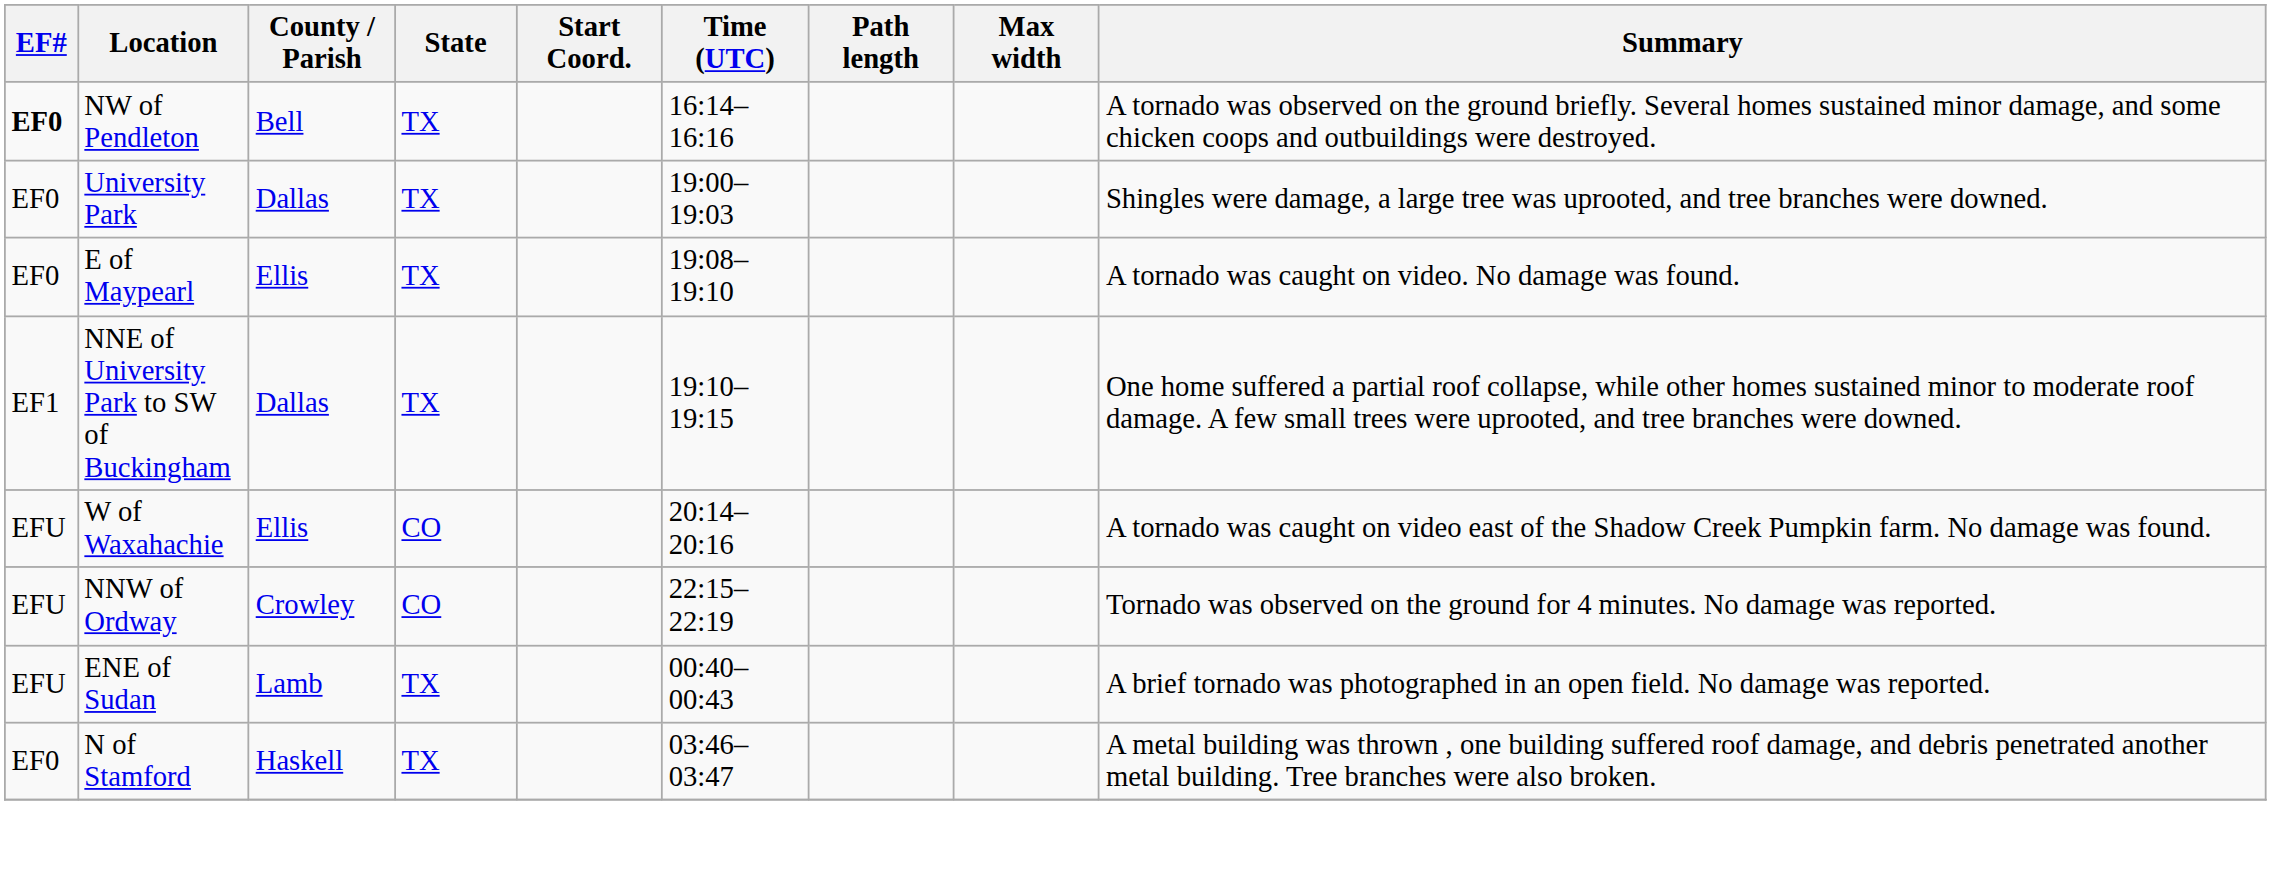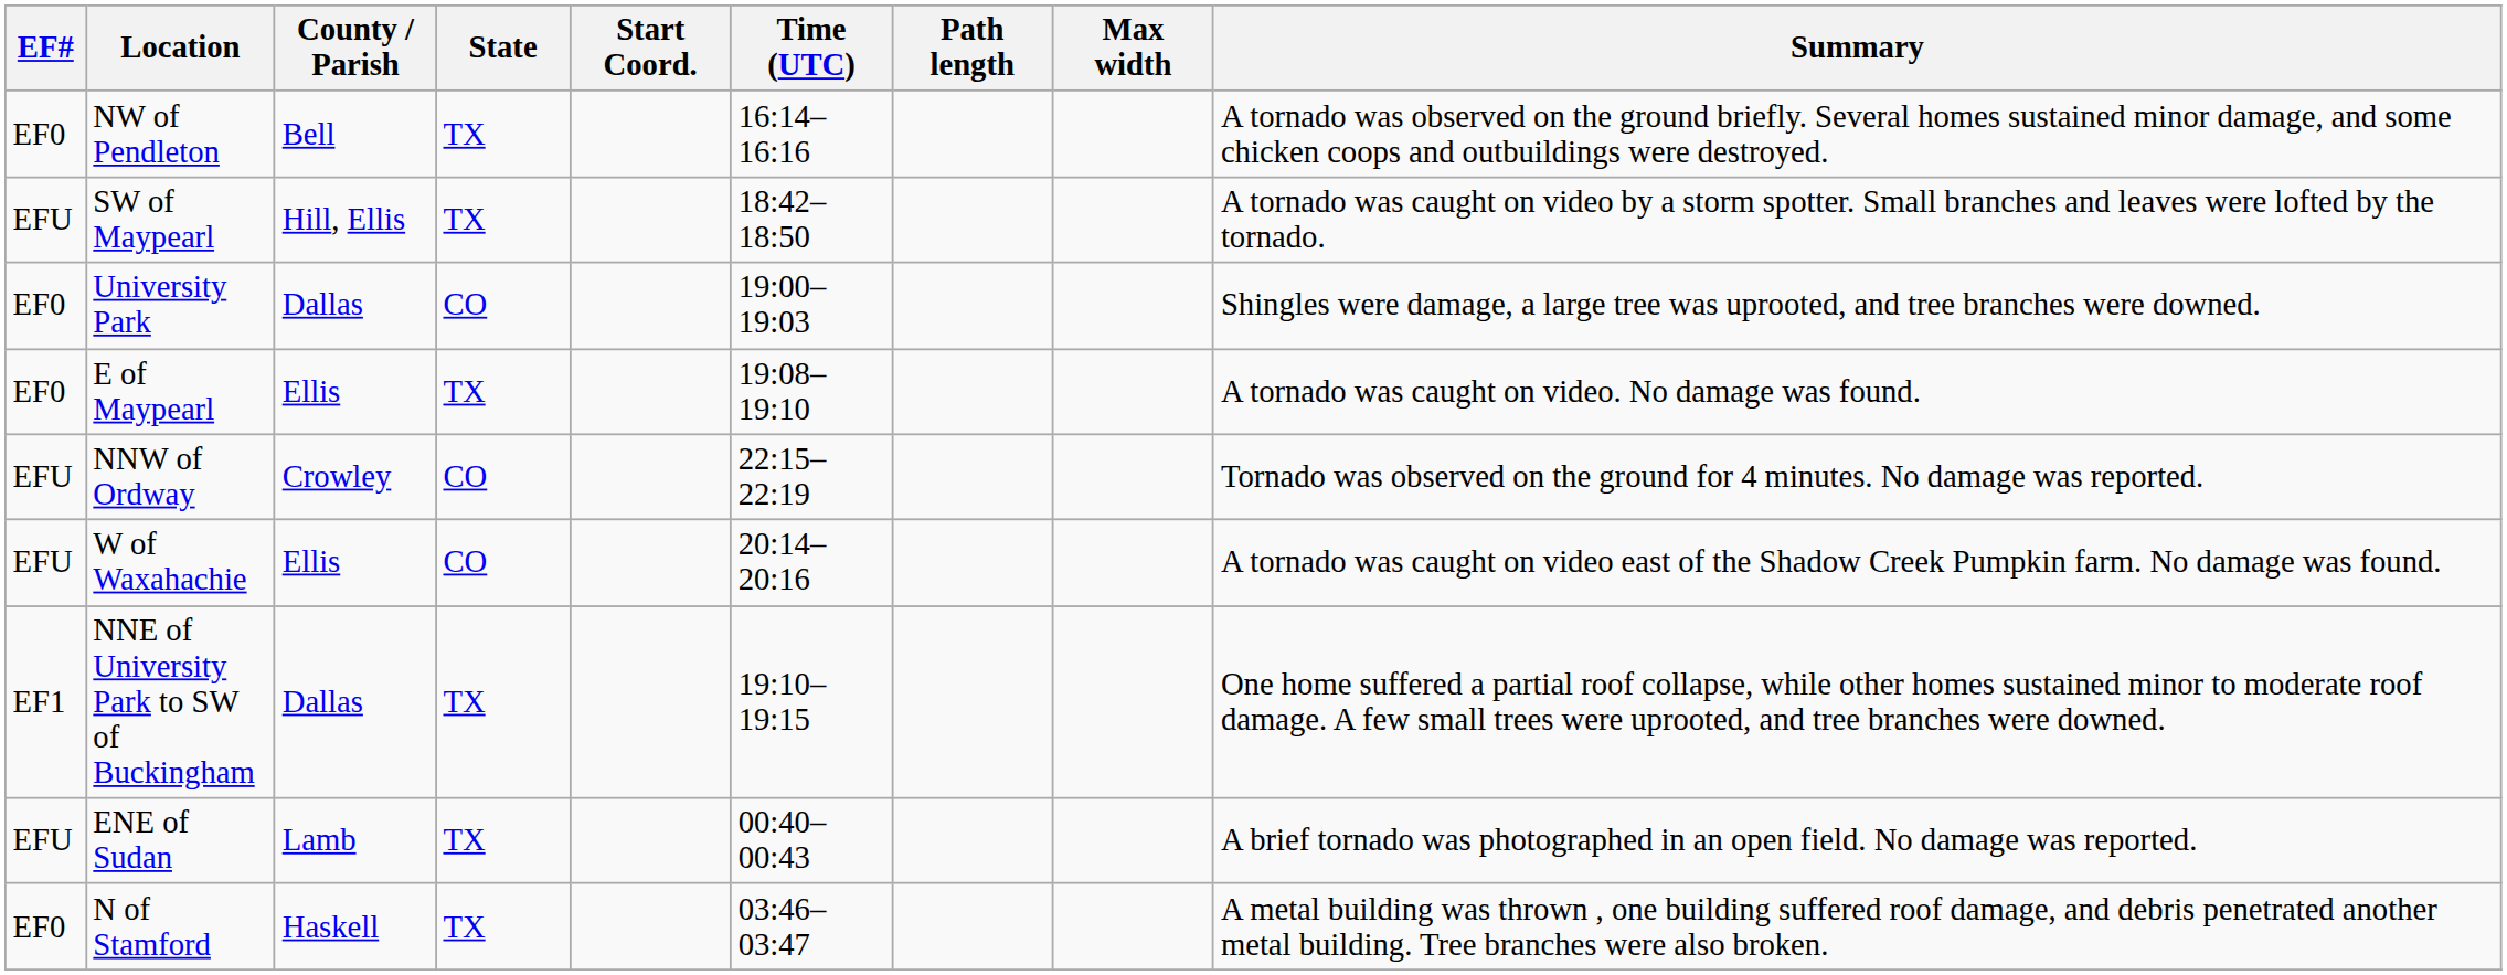 <table class="wikitable sortable" style="width:100%;">
 <tr>
 <th scope="col"  style="width:3%; text-align:center;"><a href='#'>EF#</a></th>
 <th scope="col"  style="width:7%; text-align:center;" class="unsortable">Location</th>
 <th scope="col"  style="width:6%; text-align:center;" class="unsortable">County / Parish</th>
 <th scope="col"  style="width:5%; text-align:center;">State</th>
 <th scope="col"  style="width:6%; text-align:center;">Start Coord.</th>
 <th scope="col"  style="width:6%; text-align:center;">Time (<a href='#'>UTC</a>)</th>
 <th scope="col"  style="width:6%; text-align:center;">Path length</th>
 <th scope="col"  style="width:6%; text-align:center;">Max width</th>
 <th scope="col" class="unsortable" style="width:48%; text-align:center;">Summary</th>
 </tr>
 <tr>
-<td><strong>EF0</strong></td>
+<td>EF0</td>
 <td>NW of <a href='#'>Pendleton</a></td>
 <td><a href='#'>Bell</a></td>
 <td><a href='#'>TX</a></td>
 <td></td>
 <td>16:14–16:16</td>
 <td></td>
 <td></td>
 <td>A tornado was observed on the ground briefly. Several homes sustained minor damage, and some chicken coops and outbuildings were destroyed.</td>
 </tr>
 <tr>
+<td>EFU</td>
+<td>SW of <a href='#'>Maypearl</a></td>
+<td><a href='#'>Hill</a>, <a href='#'>Ellis</a></td>
+<td><a href='#'>TX</a></td>
+<td></td>
+<td>18:42–18:50</td>
+<td></td>
+<td></td>
+<td>A tornado was caught on video by a storm spotter. Small branches and leaves were lofted by the tornado.</td>
+</tr>
+<tr>
 <td>EF0</td>
 <td><a href='#'>University Park</a></td>
 <td><a href='#'>Dallas</a></td>
-<td><a href='#'>TX</a></td>
+<td><a href='#'>CO</a></td>
 <td></td>
 <td>19:00–19:03</td>
 <td></td>
 <td></td>
 <td>Shingles were damage, a large tree was uprooted, and tree branches were downed.</td>
 </tr>
 <tr>
 <td>EF0</td>
 <td>E of <a href='#'>Maypearl</a></td>
 <td><a href='#'>Ellis</a></td>
 <td><a href='#'>TX</a></td>
 <td></td>
 <td>19:08–19:10</td>
 <td></td>
 <td></td>
 <td>A tornado was caught on video. No damage was found.</td>
 </tr>
 <tr>
-<td>EF1</td>
-<td>NNE of <a href='#'>University Park</a> to SW of <a href='#'>Buckingham</a></td>
-<td><a href='#'>Dallas</a></td>
-<td><a href='#'>TX</a></td>
+<td>EFU</td>
+<td>NNW of <a href='#'>Ordway</a></td>
+<td><a href='#'>Crowley</a></td>
+<td><a href='#'>CO</a></td>
 <td></td>
-<td>19:10–19:15</td>
+<td>22:15–22:19</td>
 <td></td>
 <td></td>
-<td>One home suffered a partial roof collapse, while other homes sustained minor to moderate roof damage. A few small trees were uprooted, and tree branches were downed.</td>
+<td>Tornado was observed on the ground for 4 minutes. No damage was reported.</td>
 </tr>
 <tr>
 <td>EFU</td>
 <td>W of <a href='#'>Waxahachie</a></td>
 <td><a href='#'>Ellis</a></td>
 <td><a href='#'>CO</a></td>
 <td></td>
 <td>20:14–20:16</td>
 <td></td>
 <td></td>
 <td>A tornado was caught on video east of the Shadow Creek Pumpkin farm. No damage was found.</td>
 </tr>
 <tr>
-<td>EFU</td>
-<td>NNW of <a href='#'>Ordway</a></td>
-<td><a href='#'>Crowley</a></td>
-<td><a href='#'>CO</a></td>
+<td>EF1</td>
+<td>NNE of <a href='#'>University Park</a> to SW of <a href='#'>Buckingham</a></td>
+<td><a href='#'>Dallas</a></td>
+<td><a href='#'>TX</a></td>
 <td></td>
-<td>22:15–22:19</td>
+<td>19:10–19:15</td>
 <td></td>
 <td></td>
-<td>Tornado was observed on the ground for 4 minutes. No damage was reported.</td>
+<td>One home suffered a partial roof collapse, while other homes sustained minor to moderate roof damage. A few small trees were uprooted, and tree branches were downed.</td>
 </tr>
 <tr>
 <td>EFU</td>
 <td>ENE of <a href='#'>Sudan</a></td>
 <td><a href='#'>Lamb</a></td>
 <td><a href='#'>TX</a></td>
 <td></td>
 <td>00:40–00:43</td>
 <td></td>
 <td></td>
 <td>A brief tornado was photographed in an open field. No damage was reported.</td>
 </tr>
 <tr>
 <td>EF0</td>
 <td>N of <a href='#'>Stamford</a></td>
 <td><a href='#'>Haskell</a></td>
 <td><a href='#'>TX</a></td>
 <td></td>
 <td>03:46–03:47</td>
 <td></td>
 <td></td>
 <td>A metal building was thrown , one building suffered roof damage, and debris penetrated another metal building. Tree branches were also broken.</td>
 </tr>
 <tr>
 </tr>
 </table>
